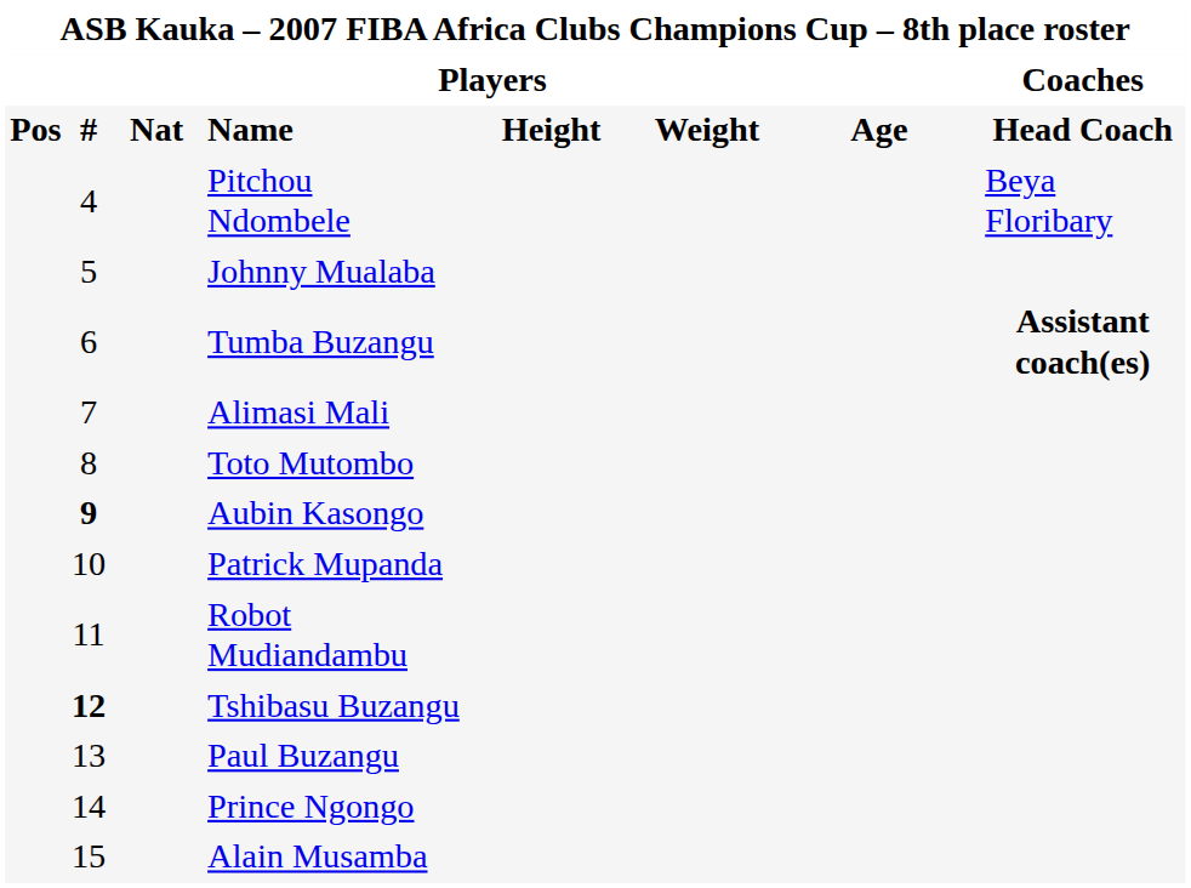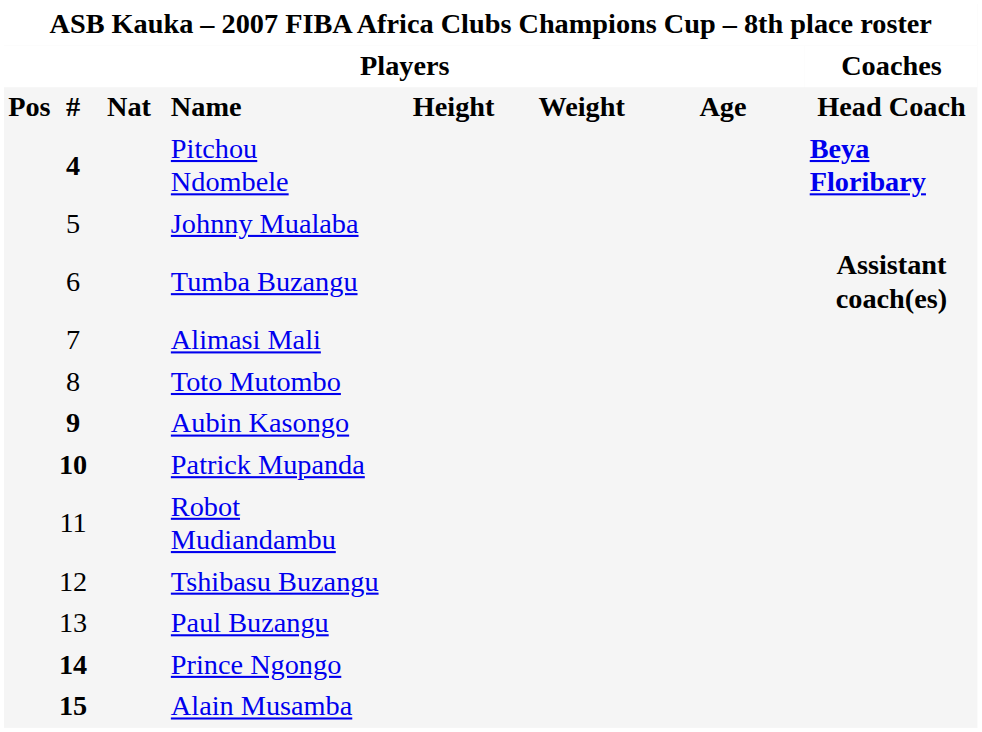 <table border=0 cellpadding=2 cellspacing=0  |- bgcolor=#f5f5f5 style="text-align:center; font-size:85%;" width=75%>
 <tr>
 <td colspan="8" style="background: white; color: black"><strong>ASB Kauka – 2007 FIBA Africa Clubs Champions Cup – 8th place roster</strong></td>
 </tr>
 <tr>
 <td colspan="7" style="background: white; color: black"><strong>Players</strong></td>
 <td style="background: white; color: black"><strong>Coaches</strong></td>
 </tr>
 <tr style="background=#f5f5f5; color: black">
 <th width=5px>Pos</th>
 <th width=5px>#</th>
 <th width=50px>Nat</th>
 <th width=135px align=left>Name</th>
 <th width=100px>Height</th>
 <th width=70px>Weight</th>
 <th width=160px>Age</th>
 <th width=115px>Head Coach</th>
 </tr>
 <tr>
 <td></td>
-<td>4</td>
+<td><strong>4</strong></td>
 <td></td>
 <td align=left><a href='#'>Pitchou Ndombele</a></td>
 <td></td>
 <td></td>
 <td><span></span></td>
-<td align=left> <a href='#'>Beya Floribary</a></td>
+<td align=left><strong> <a href='#'>Beya Floribary</a></strong></td>
 </tr>
 <tr>
 <td></td>
 <td>5</td>
 <td></td>
 <td align=left><a href='#'>Johnny Mualaba</a></td>
 <td></td>
 <td></td>
 <td><span></span></td>
 </tr>
 <tr>
 <td></td>
 <td>6</td>
 <td></td>
 <td align=left><a href='#'>Tumba Buzangu</a></td>
 <td></td>
 <td></td>
 <td><span></span></td>
 <td><strong>Assistant coach(es)</strong></td>
 </tr>
 <tr>
 <td></td>
 <td>7</td>
 <td></td>
 <td align=left><a href='#'>Alimasi Mali</a></td>
 <td></td>
 <td></td>
 <td><span></span></td>
 <td align=left></td>
 </tr>
 <tr>
 <td></td>
 <td>8</td>
 <td></td>
 <td align=left><a href='#'>Toto Mutombo</a></td>
 <td></td>
 <td></td>
 <td><span></span></td>
 <td align=left></td>
 </tr>
 <tr>
 <td></td>
 <td><strong>9</strong></td>
 <td></td>
 <td align=left><a href='#'>Aubin Kasongo</a></td>
 <td></td>
 <td></td>
 <td><span></span></td>
 </tr>
 <tr>
 <td></td>
-<td>10</td>
+<td><strong>10</strong></td>
 <td></td>
 <td align=left><a href='#'>Patrick Mupanda</a></td>
 <td></td>
 <td></td>
 <td><span></span></td>
 </tr>
 <tr>
 <td></td>
 <td>11</td>
 <td></td>
 <td align=left><a href='#'>Robot Mudiandambu</a></td>
 <td></td>
 <td></td>
 <td><span></span></td>
 </tr>
 <tr>
 <td></td>
-<td><strong>12</strong></td>
+<td>12</td>
 <td></td>
 <td align=left><a href='#'>Tshibasu Buzangu</a></td>
 <td></td>
 <td></td>
 <td><span></span></td>
 </tr>
 <tr>
 <td></td>
 <td>13</td>
 <td></td>
 <td align=left><a href='#'>Paul Buzangu</a></td>
 <td></td>
 <td></td>
 <td><span></span></td>
 </tr>
 <tr>
 <td></td>
-<td>14</td>
+<td><strong>14</strong></td>
 <td></td>
 <td align=left><a href='#'>Prince Ngongo</a></td>
 <td></td>
 <td></td>
 <td><span></span></td>
 </tr>
 <tr>
 <td></td>
-<td>15</td>
+<td><strong>15</strong></td>
 <td></td>
 <td align=left><a href='#'>Alain Musamba</a></td>
 <td></td>
 <td></td>
 <td><span></span></td>
 </tr>
 </table>
